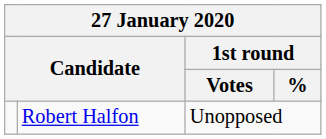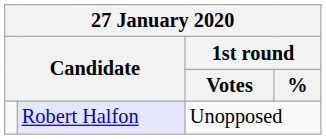 <table class="wikitable" style="min-width:250px">
 <tr>
 <th colspan="4">27 January 2020</th>
 </tr>
 <tr>
 <th colspan="2" rowspan="2">Candidate</th>
 <th colspan="2">1st round</th>
 </tr>
 <tr>
 <th>Votes</th>
 <th>%</th>
 </tr>
 <tr>
 <td style="color:inherit;background-color: "></td>
-<td><a href='#'>Robert Halfon</a></td>
+<td style="background: lavender;"><a href='#'>Robert Halfon</a></td>
 <td colspan=2>Unopposed</td>
 </tr>
 </table>
